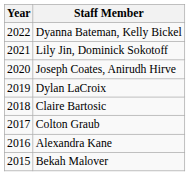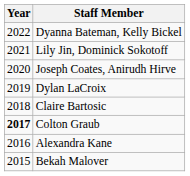 <table class="wikitable">
 <tr>
 <th>Year</th>
 <th>Staff Member</th>
 </tr>
 <tr>
 <td>2022</td>
 <td>Dyanna Bateman, Kelly Bickel</td>
 </tr>
 <tr>
 <td>2021</td>
 <td>Lily Jin, Dominick Sokotoff</td>
 </tr>
 <tr>
 <td>2020</td>
 <td>Joseph Coates, Anirudh Hirve</td>
 </tr>
 <tr>
 <td>2019</td>
 <td>Dylan LaCroix</td>
 </tr>
 <tr>
 <td>2018</td>
 <td>Claire Bartosic</td>
 </tr>
 <tr>
-<td>2017</td>
+<td><strong>2017</strong></td>
 <td>Colton Graub</td>
 </tr>
 <tr>
 <td>2016</td>
 <td>Alexandra Kane</td>
 </tr>
 <tr>
 <td>2015</td>
 <td>Bekah Malover</td>
 </tr>
 </table>
